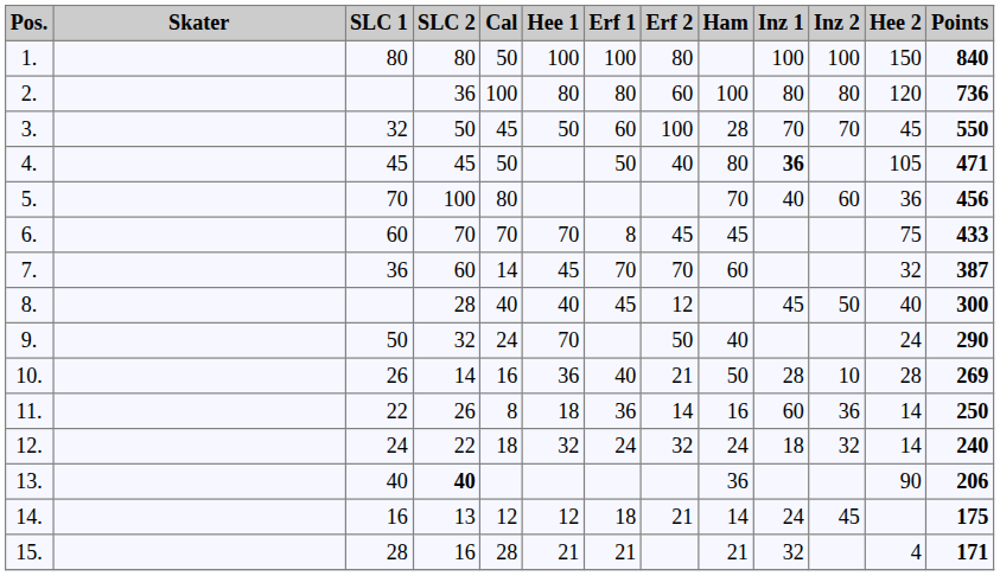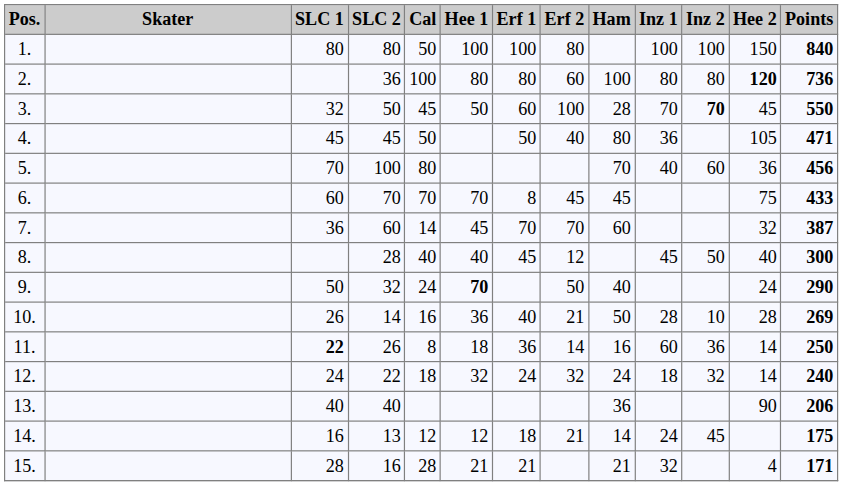 <table bgcolor="#f7f8ff" cellpadding="3" cellspacing="0" border="1" style="font-size: 95%; border: gray solid 1px; border-collapse: collapse;">
 <tr bgcolor="#CCCCCC">
 <td align="center" width="10"><strong>Pos.</strong></td>
 <td align="center" width="200"><strong>Skater</strong></td>
 <td align="center" width="20"><strong>SLC 1</strong></td>
 <td align="center" width="20"><strong>SLC 2</strong></td>
 <td align="center" width="20"><strong>Cal</strong></td>
 <td align="center" width="20"><strong>Hee 1</strong></td>
 <td align="center" width="20"><strong>Erf 1</strong></td>
 <td align="center" width="20"><strong>Erf 2</strong></td>
 <td align="center" width="20"><strong>Ham</strong></td>
 <td align="center" width="20"><strong>Inz 1</strong></td>
 <td align="center" width="20"><strong>Inz 2</strong></td>
 <td align="center" width="20"><strong>Hee 2</strong></td>
 <td align="center" width="20"><strong>Points</strong></td>
 </tr>
 <tr align="left">
 <td align="center">1.</td>
 <td></td>
 <td align="right">80</td>
 <td align="right">80</td>
 <td align="right">50</td>
 <td align="right">100</td>
 <td align="right">100</td>
 <td align="right">80</td>
 <td align="right"></td>
 <td align="right">100</td>
 <td align="right">100</td>
 <td align="right">150</td>
 <td align="right"><strong>840</strong></td>
 </tr>
 <tr align="left">
 <td align="center">2.</td>
 <td></td>
 <td align="right"></td>
 <td align="right">36</td>
 <td align="right">100</td>
 <td align="right">80</td>
 <td align="right">80</td>
 <td align="right">60</td>
 <td align="right">100</td>
 <td align="right">80</td>
 <td align="right">80</td>
-<td align="right">120</td>
+<td align="right"><strong>120</strong></td>
 <td align="right"><strong>736</strong></td>
 </tr>
 <tr align="left">
 <td align="center">3.</td>
 <td></td>
 <td align="right">32</td>
 <td align="right">50</td>
 <td align="right">45</td>
 <td align="right">50</td>
 <td align="right">60</td>
 <td align="right">100</td>
 <td align="right">28</td>
 <td align="right">70</td>
-<td align="right">70</td>
+<td align="right"><strong>70</strong></td>
 <td align="right">45</td>
 <td align="right"><strong>550</strong></td>
 </tr>
 <tr align="left">
 <td align="center">4.</td>
 <td></td>
 <td align="right">45</td>
 <td align="right">45</td>
 <td align="right">50</td>
 <td align="right"></td>
 <td align="right">50</td>
 <td align="right">40</td>
 <td align="right">80</td>
-<td align="right"><strong>36</strong></td>
+<td align="right">36</td>
 <td align="right"></td>
 <td align="right">105</td>
 <td align="right"><strong>471</strong></td>
 </tr>
 <tr align="left">
 <td align="center">5.</td>
 <td></td>
 <td align="right">70</td>
 <td align="right">100</td>
 <td align="right">80</td>
 <td align="right"></td>
 <td align="right"></td>
 <td align="right"></td>
 <td align="right">70</td>
 <td align="right">40</td>
 <td align="right">60</td>
 <td align="right">36</td>
 <td align="right"><strong>456</strong></td>
 </tr>
 <tr align="left">
 <td align="center">6.</td>
 <td></td>
 <td align="right">60</td>
 <td align="right">70</td>
 <td align="right">70</td>
 <td align="right">70</td>
 <td align="right">8</td>
 <td align="right">45</td>
 <td align="right">45</td>
 <td align="right"></td>
 <td align="right"></td>
 <td align="right">75</td>
 <td align="right"><strong>433</strong></td>
 </tr>
 <tr align="left">
 <td align="center">7.</td>
 <td></td>
 <td align="right">36</td>
 <td align="right">60</td>
 <td align="right">14</td>
 <td align="right">45</td>
 <td align="right">70</td>
 <td align="right">70</td>
 <td align="right">60</td>
 <td align="right"></td>
 <td align="right"></td>
 <td align="right">32</td>
 <td align="right"><strong>387</strong></td>
 </tr>
 <tr align="left">
 <td align="center">8.</td>
 <td></td>
 <td align="right"></td>
 <td align="right">28</td>
 <td align="right">40</td>
 <td align="right">40</td>
 <td align="right">45</td>
 <td align="right">12</td>
 <td align="right"></td>
 <td align="right">45</td>
 <td align="right">50</td>
 <td align="right">40</td>
 <td align="right"><strong>300</strong></td>
 </tr>
 <tr align="left">
 <td align="center">9.</td>
 <td></td>
 <td align="right">50</td>
 <td align="right">32</td>
 <td align="right">24</td>
-<td align="right">70</td>
+<td align="right"><strong>70</strong></td>
 <td align="right"></td>
 <td align="right">50</td>
 <td align="right">40</td>
 <td align="right"></td>
 <td align="right"></td>
 <td align="right">24</td>
 <td align="right"><strong>290</strong></td>
 </tr>
 <tr align="left">
 <td align="center">10.</td>
 <td></td>
 <td align="right">26</td>
 <td align="right">14</td>
 <td align="right">16</td>
 <td align="right">36</td>
 <td align="right">40</td>
 <td align="right">21</td>
 <td align="right">50</td>
 <td align="right">28</td>
 <td align="right">10</td>
 <td align="right">28</td>
 <td align="right"><strong>269</strong></td>
 </tr>
 <tr align="left">
 <td align="center">11.</td>
 <td></td>
-<td align="right">22</td>
+<td align="right"><strong>22</strong></td>
 <td align="right">26</td>
 <td align="right">8</td>
 <td align="right">18</td>
 <td align="right">36</td>
 <td align="right">14</td>
 <td align="right">16</td>
 <td align="right">60</td>
 <td align="right">36</td>
 <td align="right">14</td>
 <td align="right"><strong>250</strong></td>
 </tr>
 <tr align="left">
 <td align="center">12.</td>
 <td></td>
 <td align="right">24</td>
 <td align="right">22</td>
 <td align="right">18</td>
 <td align="right">32</td>
 <td align="right">24</td>
 <td align="right">32</td>
 <td align="right">24</td>
 <td align="right">18</td>
 <td align="right">32</td>
 <td align="right">14</td>
 <td align="right"><strong>240</strong></td>
 </tr>
 <tr align="left">
 <td align="center">13.</td>
 <td></td>
 <td align="right">40</td>
-<td align="right"><strong>40</strong></td>
+<td align="right">40</td>
 <td align="right"></td>
 <td align="right"></td>
 <td align="right"></td>
 <td align="right"></td>
 <td align="right">36</td>
 <td align="right"></td>
 <td align="right"></td>
 <td align="right">90</td>
 <td align="right"><strong>206</strong></td>
 </tr>
 <tr align="left">
 <td align="center">14.</td>
 <td></td>
 <td align="right">16</td>
 <td align="right">13</td>
 <td align="right">12</td>
 <td align="right">12</td>
 <td align="right">18</td>
 <td align="right">21</td>
 <td align="right">14</td>
 <td align="right">24</td>
 <td align="right">45</td>
 <td align="right"></td>
 <td align="right"><strong>175</strong></td>
 </tr>
 <tr align="left">
 <td align="center">15.</td>
 <td></td>
 <td align="right">28</td>
 <td align="right">16</td>
 <td align="right">28</td>
 <td align="right">21</td>
 <td align="right">21</td>
 <td align="right"></td>
 <td align="right">21</td>
 <td align="right">32</td>
 <td align="right"></td>
 <td align="right">4</td>
 <td align="right"><strong>171</strong><br></td>
 </tr>
 <tr>
 </tr>
 </table>
